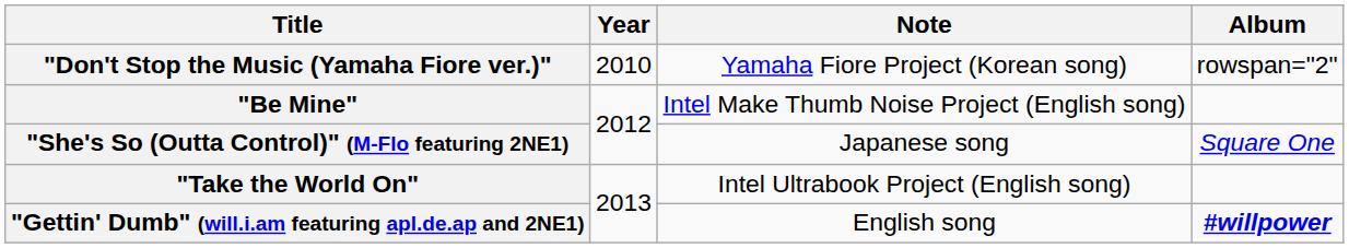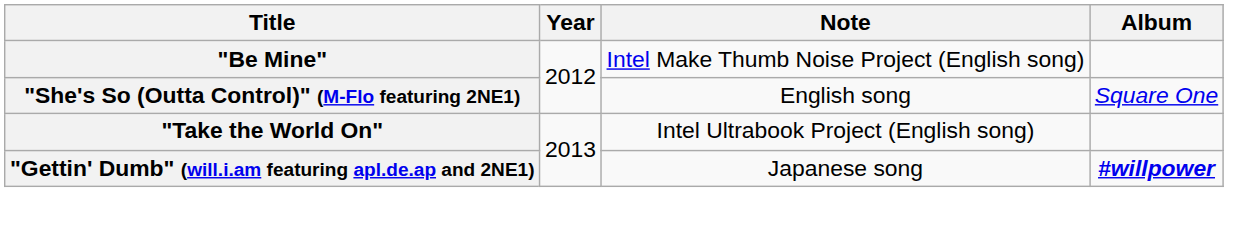 <table class="wikitable plainrowheaders" style="text-align:center;">
 <tr>
 <th>Title</th>
 <th>Year</th>
 <th>Note</th>
 <th>Album</th>
 </tr>
 <tr>
-<th scope="row" align="left">"Don't Stop the Music (Yamaha Fiore ver.)"</th>
-<td>2010</td>
-<td><a href='#'>Yamaha</a> Fiore Project (Korean song)</td>
-<td>rowspan="2" </td>
-</tr>
-<tr>
 <th scope="row" align="left">"Be Mine"</th>
 <td rowspan="2">2012</td>
 <td><a href='#'>Intel</a> Make Thumb Noise Project (English song)</td>
 </tr>
 <tr>
 <th scope="row" align="left">"She's So (Outta Control)" <small>(<a href='#'>M-Flo</a> featuring 2NE1)</small></th>
-<td>Japanese song</td>
+<td>English song</td>
 <td><em><a href='#'>Square One</a></em></td>
 </tr>
 <tr>
 <th scope="row" align="left">"Take the World On"</th>
 <td rowspan="2">2013</td>
 <td>Intel Ultrabook Project (English song)</td>
 <td></td>
 </tr>
 <tr>
 <th scope="row" align="left">"Gettin' Dumb" <small>(<a href='#'>will.i.am</a> featuring <a href='#'>apl.de.ap</a> and 2NE1)</small></th>
-<td>English song</td>
+<td>Japanese song</td>
 <td><strong><em><a href='#'>#willpower</a></em></strong></td>
 </tr>
 </table>
